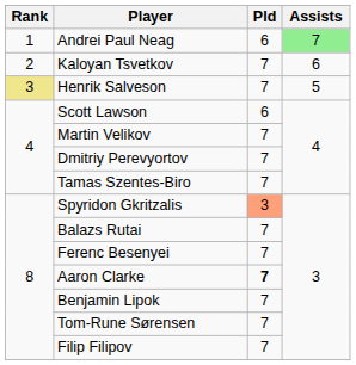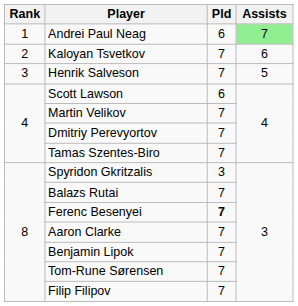 <table class="wikitable" style="text-align:center">
 <tr>
 <th width=45>Rank</th>
 <th width=200>Player</th>
 <th width=30>Pld</th>
 <th width=65>Assists</th>
 </tr>
 <tr>
 <td>1</td>
 <td style="text-align:left"> Andrei Paul Neag</td>
 <td>6</td>
 <td style="background: lightgreen;">7</td>
 </tr>
 <tr>
 <td>2</td>
 <td style="text-align:left"> Kaloyan Tsvetkov</td>
 <td>7</td>
 <td>6</td>
 </tr>
 <tr>
-<td style="background: khaki;">3</td>
+<td>3</td>
 <td style="text-align:left"> Henrik Salveson</td>
 <td>7</td>
 <td>5</td>
 </tr>
 <tr>
 <td rowspan=4>4</td>
 <td style="text-align:left"> Scott Lawson</td>
 <td>6</td>
 <td rowspan=4>4</td>
 </tr>
 <tr>
 <td style="text-align:left"> Martin Velikov</td>
 <td>7</td>
 </tr>
 <tr>
 <td style="text-align:left"> Dmitriy Perevyortov</td>
 <td>7</td>
 </tr>
 <tr>
 <td style="text-align:left"> Tamas Szentes-Biro</td>
 <td>7</td>
 </tr>
 <tr>
 <td rowspan=7>8</td>
 <td style="text-align:left"> Spyridon Gkritzalis</td>
-<td style="background: lightsalmon;">3</td>
+<td>3</td>
 <td rowspan=7>3</td>
 </tr>
 <tr>
 <td style="text-align:left"> Balazs Rutai</td>
 <td>7</td>
 </tr>
 <tr>
 <td style="text-align:left"> Ferenc Besenyei</td>
-<td>7</td>
+<td><strong>7</strong></td>
 </tr>
 <tr>
 <td style="text-align:left"> Aaron Clarke</td>
-<td><strong>7</strong></td>
+<td>7</td>
 </tr>
 <tr>
 <td style="text-align:left"> Benjamin Lipok</td>
 <td>7</td>
 </tr>
 <tr>
 <td style="text-align:left"> Tom-Rune Sørensen</td>
 <td>7</td>
 </tr>
 <tr>
 <td style="text-align:left"> Filip Filipov</td>
 <td>7</td>
 </tr>
 </table>
